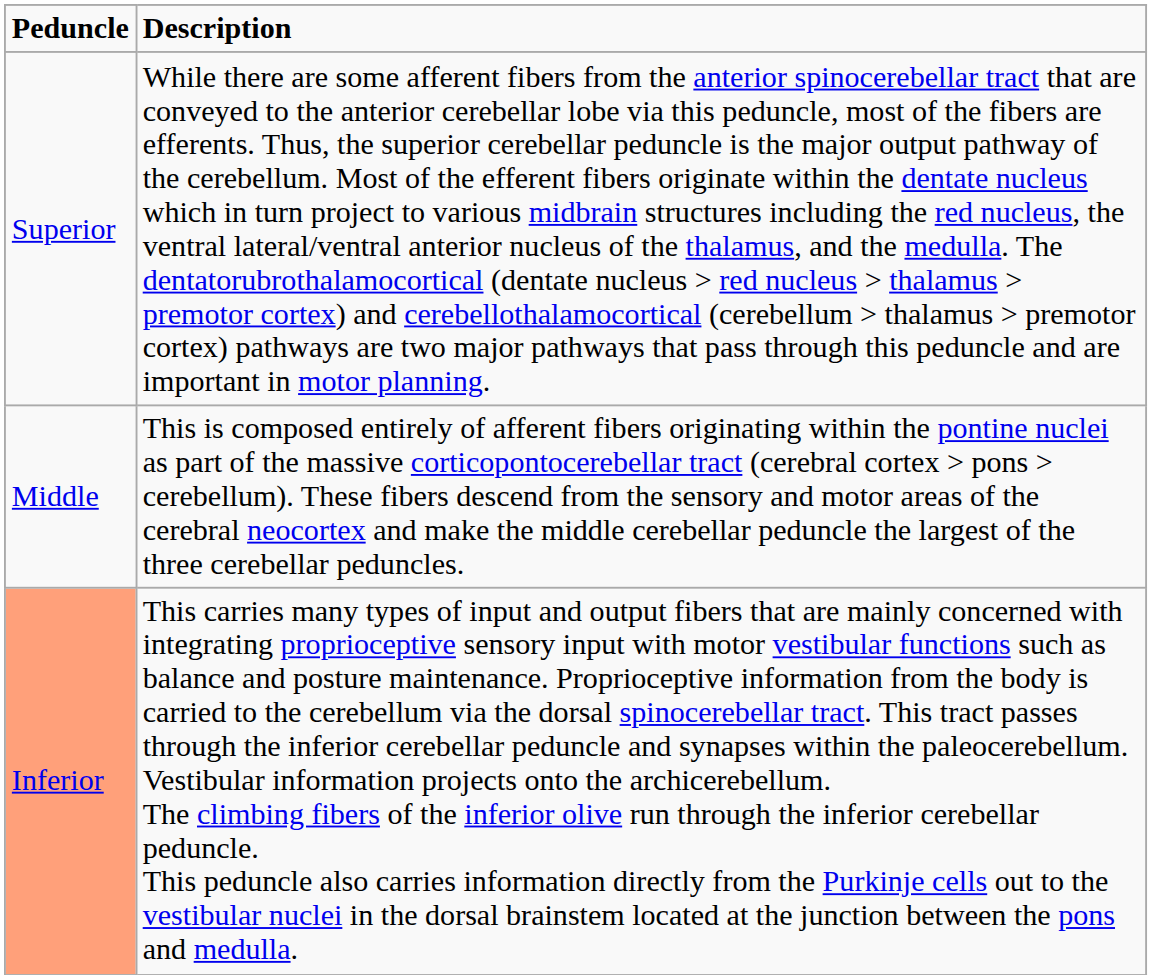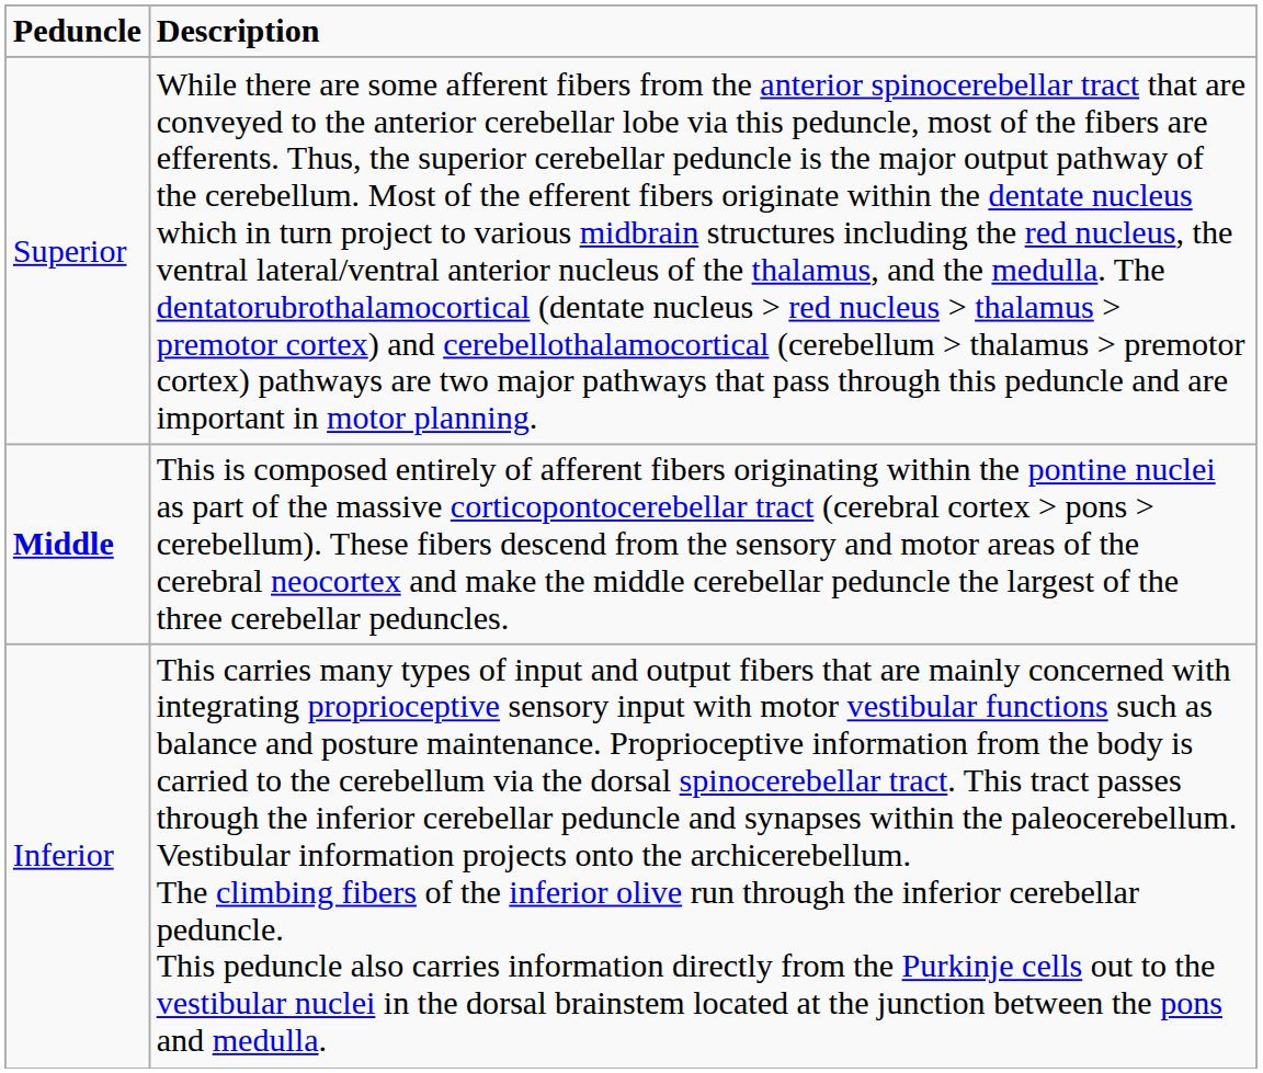 <table class="wikitable">
 <tr>
 <td><strong>Peduncle</strong></td>
 <td><strong>Description</strong></td>
 </tr>
 <tr>
 <td><a href='#'>Superior</a></td>
 <td>While there are some afferent fibers from the <a href='#'>anterior spinocerebellar tract</a> that are conveyed to the anterior cerebellar lobe via this peduncle, most of the fibers are efferents. Thus, the superior cerebellar peduncle is the major output pathway of the cerebellum. Most of the efferent fibers originate within the <a href='#'>dentate nucleus</a> which in turn project to various <a href='#'>midbrain</a> structures including the <a href='#'>red nucleus</a>, the ventral lateral/ventral anterior nucleus of the <a href='#'>thalamus</a>, and the <a href='#'>medulla</a>. The <a href='#'>dentatorubrothalamocortical</a> (dentate nucleus > <a href='#'>red nucleus</a> > <a href='#'>thalamus</a> > <a href='#'>premotor cortex</a>) and <a href='#'>cerebellothalamocortical</a> (cerebellum > thalamus > premotor cortex) pathways are two major pathways that pass through this peduncle and are important in <a href='#'>motor planning</a>.</td>
 </tr>
 <tr>
-<td><a href='#'>Middle</a></td>
+<td><strong><a href='#'>Middle</a></strong></td>
 <td>This is composed entirely of afferent fibers originating within the <a href='#'>pontine nuclei</a> as part of the massive <a href='#'>corticopontocerebellar tract</a> (cerebral cortex > pons > cerebellum). These fibers descend from the sensory and motor areas of the cerebral <a href='#'>neocortex</a> and make the middle cerebellar peduncle the largest of the three cerebellar peduncles.</td>
 </tr>
 <tr>
-<td style="background: lightsalmon;"><a href='#'>Inferior</a></td>
+<td><a href='#'>Inferior</a></td>
 <td>This carries many types of input and output fibers that are mainly concerned with integrating <a href='#'>proprioceptive</a> sensory input with motor <a href='#'>vestibular functions</a> such as balance and posture maintenance. Proprioceptive information from the body is carried to the cerebellum via the dorsal <a href='#'>spinocerebellar tract</a>. This tract passes through the inferior cerebellar peduncle and synapses within the paleocerebellum. Vestibular information projects onto the archicerebellum.<br>The <a href='#'>climbing fibers</a> of the <a href='#'>inferior olive</a> run through the inferior cerebellar peduncle.<br>This peduncle also carries information directly from the <a href='#'>Purkinje cells</a> out to the <a href='#'>vestibular nuclei</a> in the dorsal brainstem located at the junction between the <a href='#'>pons</a> and <a href='#'>medulla</a>.</td>
 </tr>
 </table>
